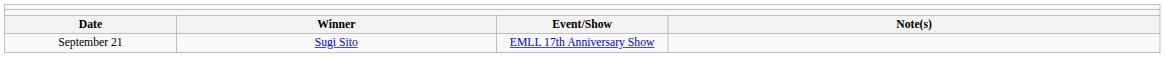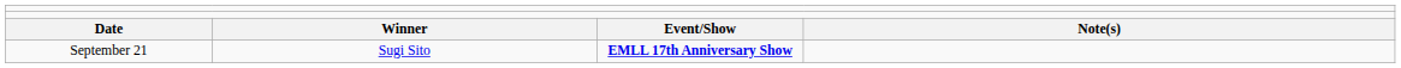 <table class="wikitable" style="text-align:center; width:100%">
 <tr>
 <td colspan=5></td>
 </tr>
 <tr>
 <td colspan=5><strong></strong></td>
 </tr>
 <tr>
 <th width=14%>Date</th>
 <th width=26%>Winner</th>
 <th width=14%>Event/Show</th>
 <th width=40%>Note(s)</th>
 </tr>
 <tr>
 <td>September 21</td>
 <td><a href='#'>Sugi Sito</a></td>
-<td><a href='#'>EMLL 17th Anniversary Show</a></td>
+<td><strong><a href='#'>EMLL 17th Anniversary Show</a></strong></td>
 <td></td>
 </tr>
 </table>
